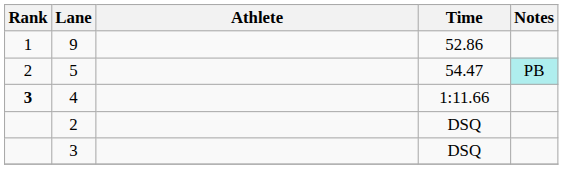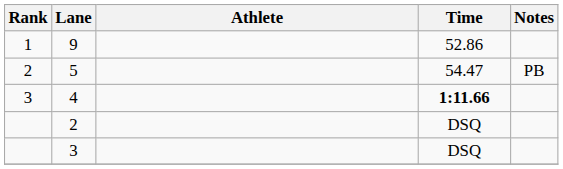 <table class="wikitable" style="text-align:center">
 <tr>
 <th>Rank</th>
 <th>Lane</th>
 <th width=300>Athlete</th>
 <th width=80>Time</th>
 <th>Notes</th>
 </tr>
 <tr>
 <td>1</td>
 <td>9</td>
 <td align=left></td>
 <td>52.86</td>
 <td></td>
 </tr>
 <tr>
 <td>2</td>
 <td>5</td>
 <td align=left></td>
 <td>54.47</td>
-<td style="background: paleturquoise;">PB</td>
+<td>PB</td>
 </tr>
 <tr>
-<td><strong>3</strong></td>
+<td>3</td>
 <td>4</td>
 <td align=left></td>
-<td>1:11.66</td>
+<td><strong>1:11.66</strong></td>
 <td></td>
 </tr>
 <tr>
 <td></td>
 <td>2</td>
 <td align=left></td>
 <td>DSQ</td>
 <td></td>
 </tr>
 <tr>
 <td></td>
 <td>3</td>
 <td align=left></td>
 <td>DSQ</td>
 <td></td>
 </tr>
 <tr>
 </tr>
 </table>
